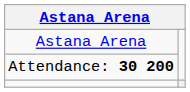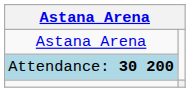 <table class="wikitable" style="text-align:center;">
 <tr>
 <th colspan="4" align="center"><a href='#'>Astana Arena</a></th>
 </tr>
 <tr>
 <td><a href='#'>Astana Arena</a></td>
 </tr>
 <tr>
-<td>Attendance: <strong>30 200</strong></td>
+<td style="background: lightblue;">Attendance: <strong>30 200</strong></td>
 </tr>
 <tr>
 <td></td>
 <th rowspan=8 colspan=2></th>
 </tr>
 </table>
